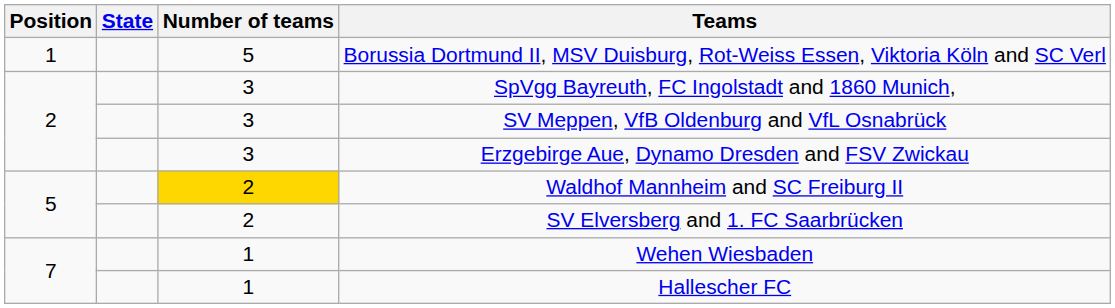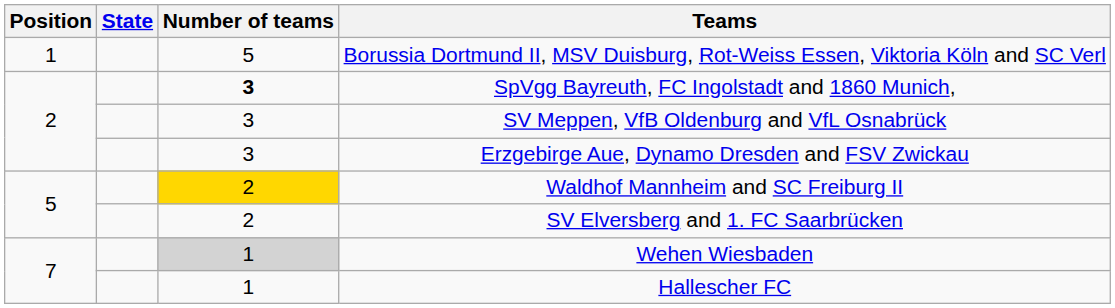 <table class="wikitable">
 <tr>
 <th>Position</th>
 <th><a href='#'>State</a></th>
 <th>Number of teams</th>
 <th>Teams</th>
 </tr>
 <tr>
 <td align=center rowspan=1>1</td>
 <td></td>
 <td align=center>5</td>
 <td align=center><a href='#'>Borussia Dortmund II</a>, <a href='#'>MSV Duisburg</a>, <a href='#'>Rot-Weiss Essen</a>, <a href='#'>Viktoria Köln</a> and <a href='#'>SC Verl</a></td>
 </tr>
 <tr>
 <td align=center rowspan=3>2</td>
 <td></td>
-<td align=center>3</td>
+<td align=center><strong>3</strong></td>
 <td align=center><a href='#'>SpVgg Bayreuth</a>, <a href='#'>FC Ingolstadt</a> and <a href='#'>1860 Munich</a>,</td>
 </tr>
 <tr>
 <td></td>
 <td align=center>3</td>
 <td align=center><a href='#'>SV Meppen</a>, <a href='#'>VfB Oldenburg</a> and <a href='#'>VfL Osnabrück</a></td>
 </tr>
 <tr>
 <td></td>
 <td align=center>3</td>
 <td align=center><a href='#'>Erzgebirge Aue</a>, <a href='#'>Dynamo Dresden</a> and <a href='#'>FSV Zwickau</a></td>
 </tr>
 <tr>
 <td align=center rowspan=2>5</td>
 <td></td>
 <td align=center style="background: gold;">2</td>
 <td align=center><a href='#'>Waldhof Mannheim</a> and <a href='#'>SC Freiburg II</a></td>
 </tr>
 <tr>
 <td></td>
 <td align=center>2</td>
 <td align=center><a href='#'>SV Elversberg</a> and <a href='#'>1. FC Saarbrücken</a></td>
 </tr>
 <tr>
 <td align=center rowspan=2>7</td>
 <td></td>
-<td align=center>1</td>
+<td align=center style="background: lightgrey;">1</td>
 <td align=center><a href='#'>Wehen Wiesbaden</a></td>
 </tr>
 <tr>
 <td></td>
 <td align=center>1</td>
 <td align=center><a href='#'>Hallescher FC</a></td>
 </tr>
 </table>
